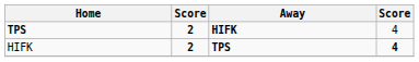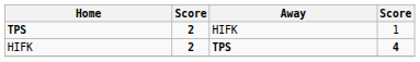 <table class="wikitable">
 <tr>
 <th width="200">Home</th>
 <th width="40">Score</th>
 <th width="200">Away</th>
 <th width="40">Score</th>
 </tr>
 <tr>
 <td><strong>TPS</strong></td>
 <td align=center><strong>2</strong></td>
-<td><strong>HIFK</strong></td>
-<td align=center>4</td>
+<td>HIFK</td>
+<td align=center>1</td>
 </tr>
 <tr>
 <td>HIFK</td>
 <td align=center><strong>2</strong></td>
 <td><strong>TPS</strong></td>
 <td align=center><strong>4</strong></td>
 </tr>
 <tr>
 </tr>
 </table>
